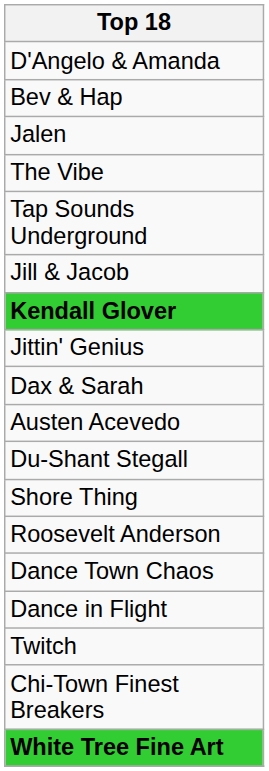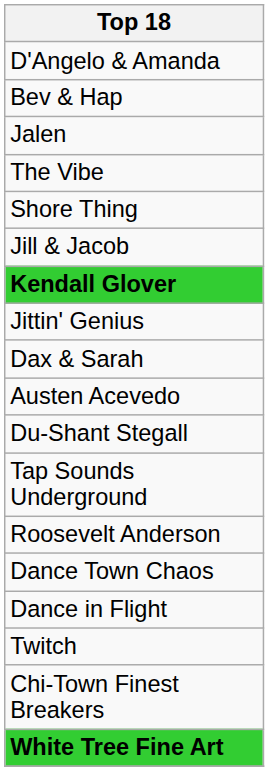 <table class="wikitable" style="width:20%;">
 <tr>
 <th style="width:3%;">Top 18</th>
 </tr>
 <tr maddie zeigler>
 <td>D'Angelo & Amanda</td>
 </tr>
 <tr>
 <td>Bev & Hap</td>
 </tr>
 <tr>
 <td>Jalen</td>
 </tr>
 <tr>
 <td>The Vibe</td>
 </tr>
 <tr>
-<td>Tap Sounds Underground</td>
+<td>Shore Thing</td>
 </tr>
 <tr>
 <td>Jill & Jacob</td>
 </tr>
 <tr>
 <td bgcolor="limegreen"><strong>Kendall Glover</strong></td>
 </tr>
 <tr>
 <td>Jittin' Genius</td>
 </tr>
 <tr>
 <td>Dax & Sarah</td>
 </tr>
 <tr>
 <td>Austen Acevedo</td>
 </tr>
 <tr>
 <td>Du-Shant Stegall</td>
 </tr>
 <tr>
-<td>Shore Thing</td>
+<td>Tap Sounds Underground</td>
 </tr>
 <tr>
 <td>Roosevelt Anderson</td>
 </tr>
 <tr>
 <td>Dance Town Chaos</td>
 </tr>
 <tr>
 <td>Dance in Flight</td>
 </tr>
 <tr>
 <td>Twitch</td>
 </tr>
 <tr>
 <td>Chi-Town Finest Breakers</td>
 </tr>
 <tr>
 <td bgcolor="limegreen"><strong>White Tree Fine Art</strong></td>
 </tr>
 <tr>
 </tr>
 </table>
